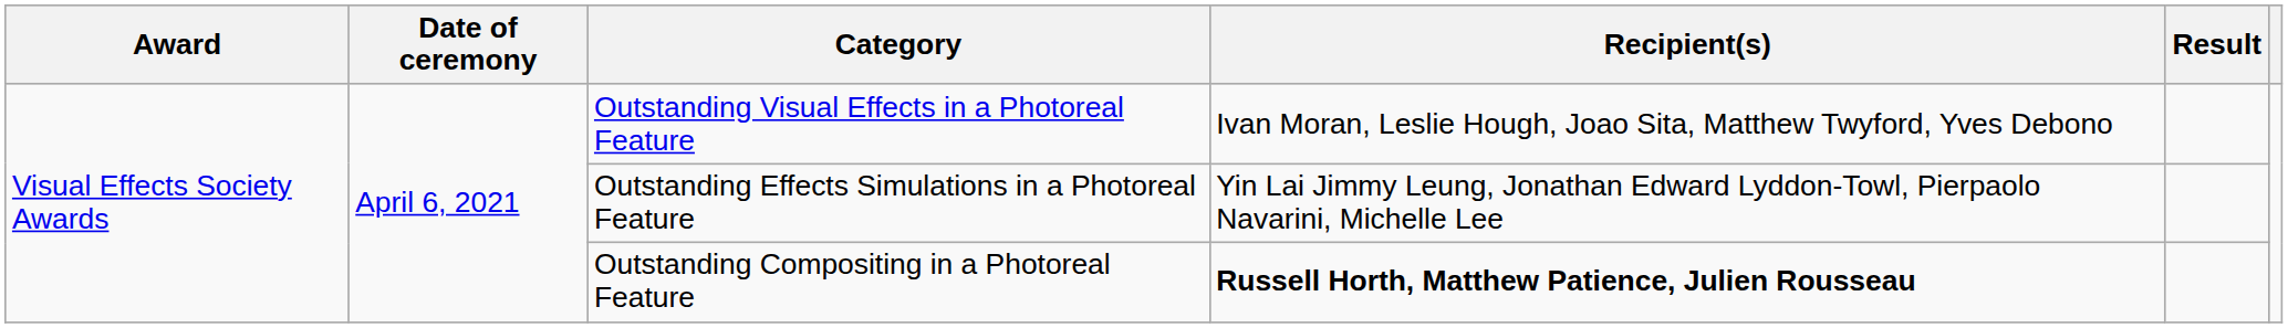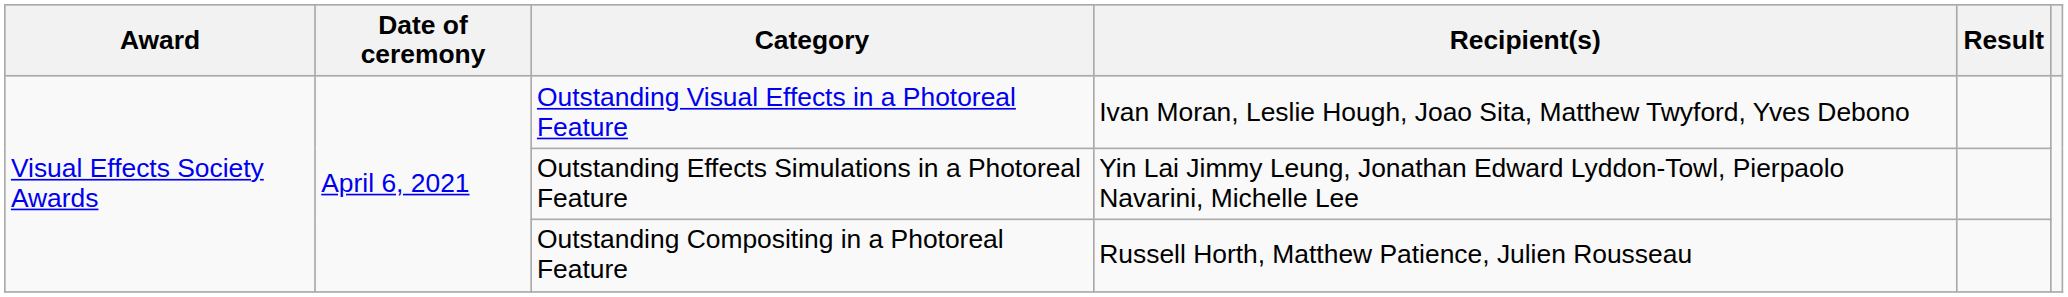 <table class="wikitable sortable plainrowheaders">
 <tr>
 <th scope="col">Award</th>
 <th scope="col">Date of ceremony</th>
 <th scope="col">Category</th>
 <th scope="col">Recipient(s)</th>
 <th scope="col">Result</th>
 <th scope="col" class="unsortable"></th>
 </tr>
 <tr>
 <td rowspan="3"><a href='#'>Visual Effects Society Awards</a></td>
 <td rowspan="3"><a href='#'>April 6, 2021</a></td>
 <td><a href='#'>Outstanding Visual Effects in a Photoreal Feature</a></td>
 <td>Ivan Moran, Leslie Hough, Joao Sita, Matthew Twyford, Yves Debono</td>
 <td></td>
 <td rowspan="3"></td>
 </tr>
 <tr>
 <td>Outstanding Effects Simulations in a Photoreal Feature</td>
 <td>Yin Lai Jimmy Leung, Jonathan Edward Lyddon-Towl, Pierpaolo Navarini, Michelle Lee</td>
 <td></td>
 </tr>
 <tr>
 <td>Outstanding Compositing in a Photoreal Feature</td>
-<td><strong>Russell Horth, Matthew Patience, Julien Rousseau</strong></td>
+<td>Russell Horth, Matthew Patience, Julien Rousseau</td>
 <td></td>
 </tr>
 </table>
